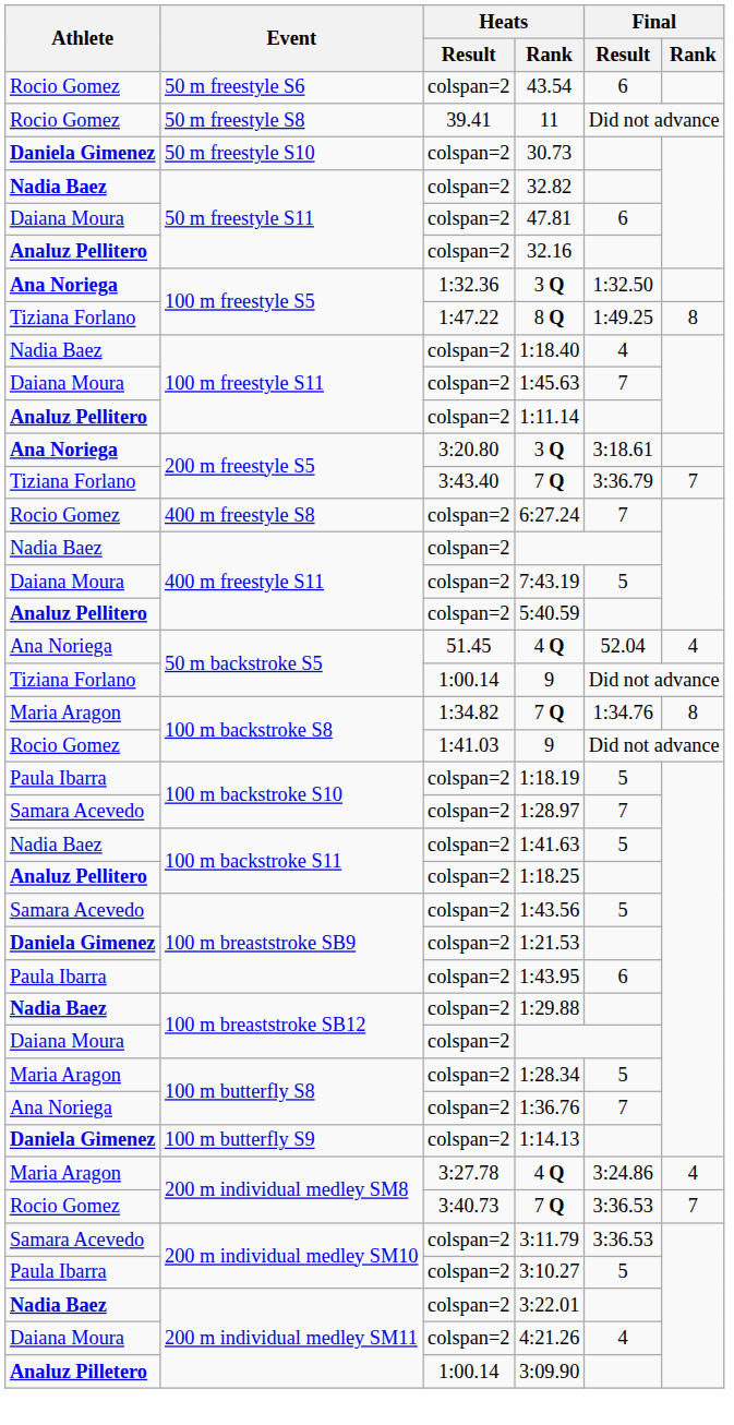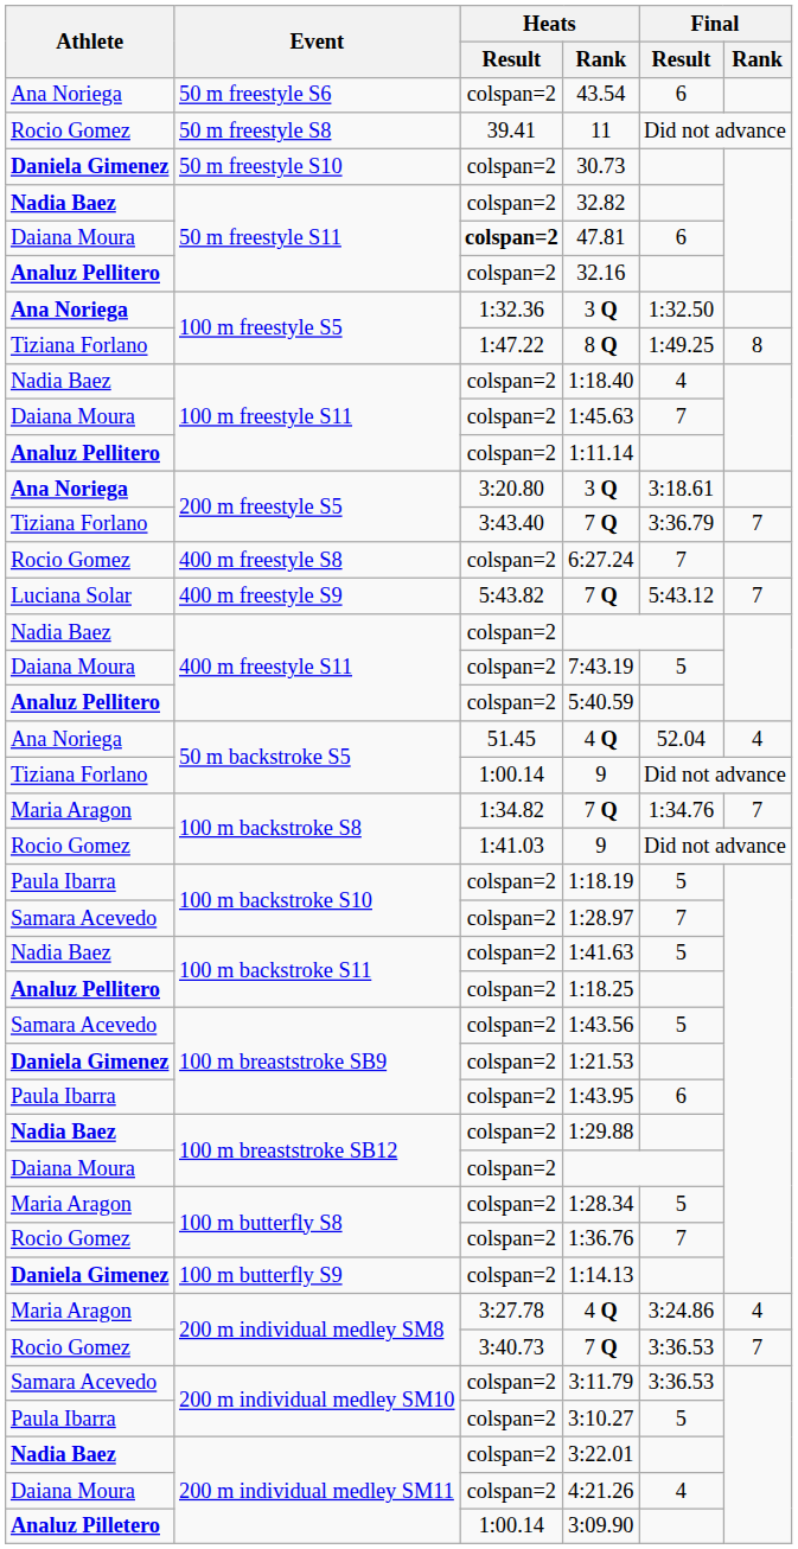 <table class=wikitable style="font-size:90%">
 <tr>
 <th rowspan="2">Athlete</th>
 <th rowspan="2">Event</th>
 <th colspan="2">Heats</th>
 <th colspan="2">Final</th>
 </tr>
 <tr>
 <th>Result</th>
 <th>Rank</th>
 <th>Result</th>
 <th>Rank</th>
 </tr>
 <tr align=center>
-<td align=left><a href='#'>Rocio Gomez</a></td>
+<td align=left><a href='#'>Ana Noriega</a></td>
 <td align=left><a href='#'>50 m freestyle S6</a></td>
 <td>colspan=2 </td>
 <td>43.54</td>
 <td>6</td>
 </tr>
 <tr align=center>
 <td align=left><a href='#'>Rocio Gomez</a></td>
 <td align=left><a href='#'>50 m freestyle S8</a></td>
 <td>39.41</td>
 <td>11</td>
 <td colspan="2">Did not advance</td>
 </tr>
 <tr align=center>
 <td align=left><strong><a href='#'>Daniela Gimenez</a></strong></td>
 <td align=left><a href='#'>50 m freestyle S10</a></td>
 <td>colspan=2 </td>
 <td>30.73</td>
 <td></td>
 </tr>
 <tr align=center>
 <td align=left><strong><a href='#'>Nadia Baez</a></strong></td>
 <td align=left rowspan=3><a href='#'>50 m freestyle S11</a></td>
 <td>colspan=2 </td>
 <td>32.82</td>
 <td></td>
 </tr>
 <tr align=center>
 <td align=left><a href='#'>Daiana Moura</a></td>
-<td>colspan=2 </td>
+<td><strong>colspan=2 </strong></td>
 <td>47.81</td>
 <td>6</td>
 </tr>
 <tr align=center>
 <td align=left><strong><a href='#'>Analuz Pellitero</a></strong></td>
 <td>colspan=2 </td>
 <td>32.16</td>
 <td></td>
 </tr>
 <tr align=center>
 <td align=left><strong><a href='#'>Ana Noriega</a></strong></td>
 <td align=left rowspan=2><a href='#'>100 m freestyle S5</a></td>
 <td>1:32.36</td>
 <td>3 <strong>Q</strong></td>
 <td>1:32.50</td>
 <td></td>
 </tr>
 <tr align=center>
 <td align=left><a href='#'>Tiziana Forlano</a></td>
 <td>1:47.22</td>
 <td>8 <strong>Q</strong></td>
 <td>1:49.25</td>
 <td>8</td>
 </tr>
 <tr align=center>
 <td align=left><a href='#'>Nadia Baez</a></td>
 <td align=left rowspan=3><a href='#'>100 m freestyle S11</a></td>
 <td>colspan=2 </td>
 <td>1:18.40</td>
 <td>4</td>
 </tr>
 <tr align=center>
 <td align=left><a href='#'>Daiana Moura</a></td>
 <td>colspan=2 </td>
 <td>1:45.63</td>
 <td>7</td>
 </tr>
 <tr align=center>
 <td align=left><strong><a href='#'>Analuz Pellitero</a></strong></td>
 <td>colspan=2 </td>
 <td>1:11.14</td>
 <td></td>
 </tr>
 <tr align=center>
 <td align=left><strong><a href='#'>Ana Noriega</a></strong></td>
 <td align=left rowspan=2><a href='#'>200 m freestyle S5</a></td>
 <td>3:20.80</td>
 <td>3 <strong>Q</strong></td>
 <td>3:18.61</td>
 <td></td>
 </tr>
 <tr align=center>
 <td align=left><a href='#'>Tiziana Forlano</a></td>
 <td>3:43.40</td>
 <td>7 <strong>Q</strong></td>
 <td>3:36.79</td>
 <td>7</td>
 </tr>
 <tr align=center>
 <td align=left><a href='#'>Rocio Gomez</a></td>
 <td align=left><a href='#'>400 m freestyle S8</a></td>
 <td>colspan=2 </td>
 <td>6:27.24</td>
 <td>7</td>
 </tr>
 <tr align=center>
+<td align=left><a href='#'>Luciana Solar</a></td>
+<td align=left><a href='#'>400 m freestyle S9</a></td>
+<td>5:43.82</td>
+<td>7 <strong>Q</strong></td>
+<td>5:43.12</td>
+<td>7</td>
+</tr>
+<tr align=center>
 <td align=left><a href='#'>Nadia Baez</a></td>
 <td align=left rowspan=3><a href='#'>400 m freestyle S11</a></td>
 <td>colspan=2 </td>
 <td colspan=2></td>
 </tr>
 <tr align=center>
 <td align=left><a href='#'>Daiana Moura</a></td>
 <td>colspan=2 </td>
 <td>7:43.19</td>
 <td>5</td>
 </tr>
 <tr align=center>
 <td align=left><strong><a href='#'>Analuz Pellitero</a></strong></td>
 <td>colspan=2 </td>
 <td>5:40.59</td>
 <td></td>
 </tr>
 <tr align=center>
 <td align=left><a href='#'>Ana Noriega</a></td>
 <td align=left rowspan=2><a href='#'>50 m backstroke S5</a></td>
 <td>51.45</td>
 <td>4 <strong>Q</strong></td>
 <td>52.04</td>
 <td>4</td>
 </tr>
 <tr align=center>
 <td align=left><a href='#'>Tiziana Forlano</a></td>
 <td>1:00.14</td>
 <td>9</td>
 <td colspan=2>Did not advance</td>
 </tr>
 <tr align=center>
 <td align=left><a href='#'>Maria Aragon</a></td>
 <td align=left rowspan=2><a href='#'>100 m backstroke S8</a></td>
 <td>1:34.82</td>
 <td>7 <strong>Q</strong></td>
 <td>1:34.76</td>
-<td>8</td>
+<td>7</td>
 </tr>
 <tr align=center>
 <td align=left><a href='#'>Rocio Gomez</a></td>
 <td>1:41.03</td>
 <td>9</td>
 <td colspan=2>Did not advance</td>
 </tr>
 <tr align=center>
 <td align=left><a href='#'>Paula Ibarra</a></td>
 <td align=left rowspan=2><a href='#'>100 m backstroke S10</a></td>
 <td>colspan=2 </td>
 <td>1:18.19</td>
 <td>5</td>
 </tr>
 <tr align=center>
 <td align=left><a href='#'>Samara Acevedo</a></td>
 <td>colspan=2 </td>
 <td>1:28.97</td>
 <td>7</td>
 </tr>
 <tr align=center>
 <td align=left><a href='#'>Nadia Baez</a></td>
 <td align=left rowspan=2><a href='#'>100 m backstroke S11</a></td>
 <td>colspan=2 </td>
 <td>1:41.63</td>
 <td>5</td>
 </tr>
 <tr align=center>
 <td align=left><strong><a href='#'>Analuz Pellitero</a></strong></td>
 <td>colspan=2 </td>
 <td>1:18.25</td>
 <td></td>
 </tr>
 <tr align=center>
 <td align=left><a href='#'>Samara Acevedo</a></td>
 <td align=left rowspan=3><a href='#'>100 m breaststroke SB9</a></td>
 <td>colspan=2 </td>
 <td>1:43.56</td>
 <td>5</td>
 </tr>
 <tr align=center>
 <td align=left><strong><a href='#'>Daniela Gimenez</a></strong></td>
 <td>colspan=2 </td>
 <td>1:21.53</td>
 <td></td>
 </tr>
 <tr align=center>
 <td align=left><a href='#'>Paula Ibarra</a></td>
 <td>colspan=2 </td>
 <td>1:43.95</td>
 <td>6</td>
 </tr>
 <tr align=center>
 <td align=left><strong><a href='#'>Nadia Baez</a></strong></td>
 <td align=left rowspan=2><a href='#'>100 m breaststroke SB12</a></td>
 <td>colspan=2 </td>
 <td>1:29.88</td>
 <td></td>
 </tr>
 <tr align=center>
 <td align=left><a href='#'>Daiana Moura</a></td>
 <td>colspan=2 </td>
 <td colspan=2></td>
 </tr>
 <tr align=center>
 <td align=left><a href='#'>Maria Aragon</a></td>
 <td align=left rowspan=2><a href='#'>100 m butterfly S8</a></td>
 <td>colspan=2 </td>
 <td>1:28.34</td>
 <td>5</td>
 </tr>
 <tr align=center>
-<td align=left><a href='#'>Ana Noriega</a></td>
+<td align=left><a href='#'>Rocio Gomez</a></td>
 <td>colspan=2 </td>
 <td>1:36.76</td>
 <td>7</td>
 </tr>
 <tr align=center>
 <td align=left><strong><a href='#'>Daniela Gimenez</a></strong></td>
 <td align=left><a href='#'>100 m butterfly S9</a></td>
 <td>colspan=2 </td>
 <td>1:14.13</td>
 <td></td>
 </tr>
 <tr align=center>
 <td align=left><a href='#'>Maria Aragon</a></td>
 <td align=left rowspan=2><a href='#'>200 m individual medley SM8</a></td>
 <td>3:27.78</td>
 <td>4 <strong>Q</strong></td>
 <td>3:24.86</td>
 <td>4</td>
 </tr>
 <tr align=center>
 <td align=left><a href='#'>Rocio Gomez</a></td>
 <td>3:40.73</td>
 <td>7 <strong>Q</strong></td>
 <td>3:36.53</td>
 <td>7</td>
 </tr>
 <tr align=center>
 <td align=left><a href='#'>Samara Acevedo</a></td>
 <td align=left rowspan=2><a href='#'>200 m individual medley SM10</a></td>
 <td>colspan=2 </td>
 <td>3:11.79</td>
 <td>3:36.53</td>
 </tr>
 <tr align=center>
 <td align=left><a href='#'>Paula Ibarra</a></td>
 <td>colspan=2 </td>
 <td>3:10.27</td>
 <td>5</td>
 </tr>
 <tr align=center>
 <td align=left><strong><a href='#'>Nadia Baez</a></strong></td>
 <td align=left rowspan=3><a href='#'>200 m individual medley SM11</a></td>
 <td>colspan=2 </td>
 <td>3:22.01</td>
 <td></td>
 </tr>
 <tr align=center>
 <td align=left><a href='#'>Daiana Moura</a></td>
 <td>colspan=2 </td>
 <td>4:21.26</td>
 <td>4</td>
 </tr>
 <tr align=center>
 <td align=left><strong><a href='#'>Analuz Pilletero</a></strong></td>
 <td>1:00.14</td>
 <td>3:09.90</td>
 <td></td>
 </tr>
 </table>
